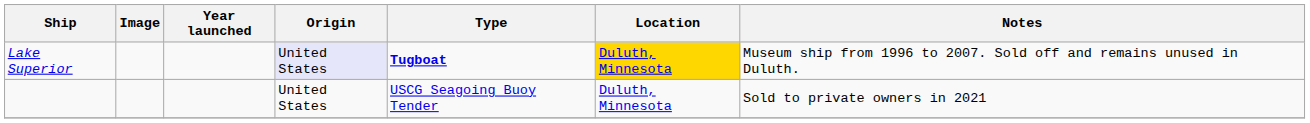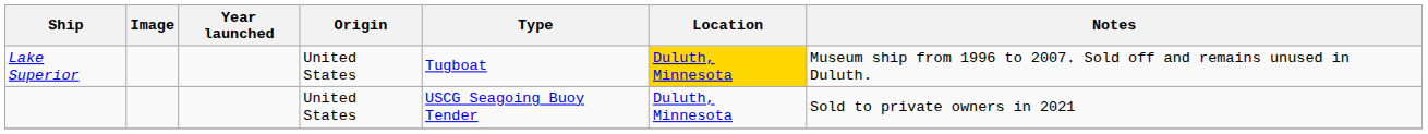 <table class="wikitable sortable">
 <tr>
 <th>Ship</th>
 <th>Image</th>
 <th>Year launched</th>
 <th>Origin</th>
 <th>Type</th>
 <th>Location</th>
 <th>Notes</th>
 </tr>
 <tr>
 <td data-sort-value=Ohio><a href='#'><em>Lake Superior</em></a></td>
 <td></td>
 <td></td>
-<td style="background: lavender;"> United States</td>
-<td><strong><a href='#'>Tugboat</a></strong></td>
+<td> United States</td>
+<td><a href='#'>Tugboat</a></td>
 <td style="background: gold;"><a href='#'>Duluth, Minnesota</a><br></td>
 <td>Museum ship from 1996 to 2007. Sold off and remains unused in Duluth.</td>
 </tr>
 <tr>
 <td data-sort-value=WLB-404></td>
 <td></td>
 <td></td>
 <td> United States</td>
 <td><a href='#'>USCG Seagoing Buoy Tender</a></td>
 <td><a href='#'>Duluth, Minnesota</a><br></td>
 <td>Sold to private owners in 2021</td>
 </tr>
 <tr>
 </tr>
 </table>
